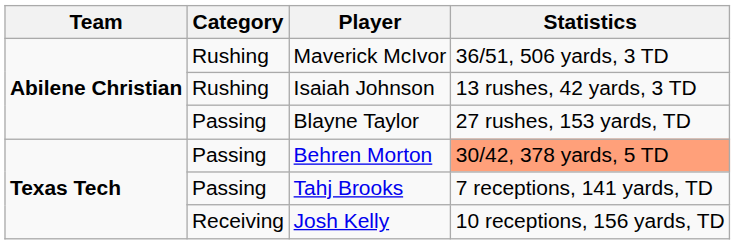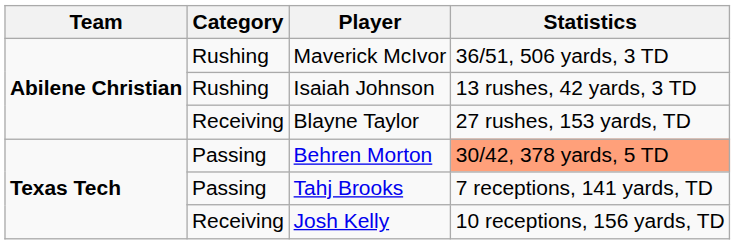 <table class="wikitable" style="float: right;">
 <tr>
 <th>Team</th>
 <th>Category</th>
 <th>Player</th>
 <th>Statistics</th>
 </tr>
 <tr>
 <td rowspan=3><strong>Abilene Christian</strong></td>
 <td>Rushing</td>
 <td>Maverick McIvor</td>
 <td>36/51, 506 yards, 3 TD</td>
 </tr>
 <tr>
 <td>Rushing</td>
 <td>Isaiah Johnson</td>
 <td>13 rushes, 42 yards, 3 TD</td>
 </tr>
 <tr>
-<td>Passing</td>
+<td>Receiving</td>
 <td>Blayne Taylor</td>
 <td>27 rushes, 153 yards, TD</td>
 </tr>
 <tr>
 <td rowspan=3><strong>Texas Tech</strong></td>
 <td>Passing</td>
 <td><a href='#'>Behren Morton</a></td>
 <td style="background: lightsalmon;">30/42, 378 yards, 5 TD</td>
 </tr>
 <tr>
 <td>Passing</td>
 <td><a href='#'>Tahj Brooks</a></td>
 <td>7 receptions, 141 yards, TD</td>
 </tr>
 <tr>
 <td>Receiving</td>
 <td><a href='#'>Josh Kelly</a></td>
 <td>10 receptions, 156 yards, TD</td>
 </tr>
 </table>
